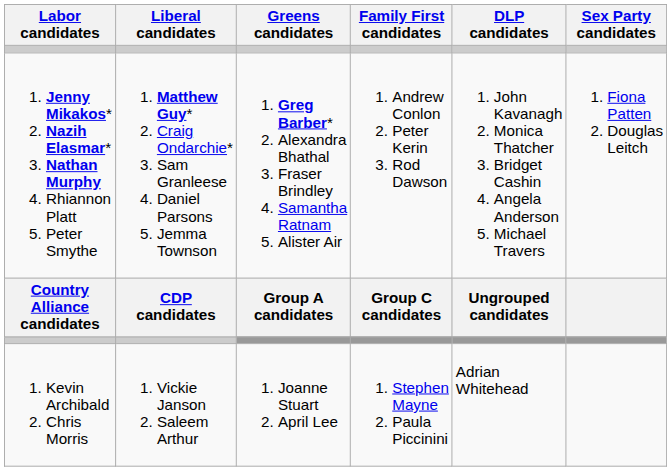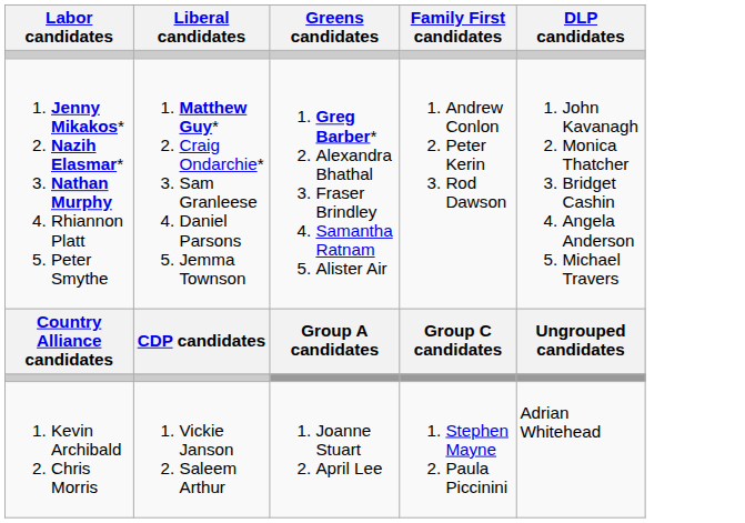 <table class="wikitable">
 <tr>
 <th><a href='#'>Labor</a> candidates</th>
 <th><a href='#'>Liberal</a> candidates</th>
 <th><a href='#'>Greens</a> candidates</th>
 <th><a href='#'>Family First</a> candidates</th>
 <th><a href='#'>DLP</a> candidates</th>
-<th><a href='#'>Sex Party</a> candidates</th>
 </tr>
 <tr bgcolor="#cccccc">
-<td></td>
 <td></td>
 <td></td>
 <td></td>
 <td></td>
 <td></td>
 </tr>
 <tr>
 <td><br><ol><li><strong><a href='#'>Jenny Mikakos</a></strong>*</li><li><strong><a href='#'>Nazih Elasmar</a></strong>*</li><li><strong><a href='#'>Nathan Murphy</a></strong></li><li>Rhiannon Platt</li><li>Peter Smythe</li></ol></td>
 <td><br><ol><li><strong><a href='#'>Matthew Guy</a></strong>*</li><li><a href='#'>Craig Ondarchie</a>*</li><li>Sam Granleese</li><li>Daniel Parsons</li><li>Jemma Townson</li></ol></td>
 <td><br><ol><li><strong><a href='#'>Greg Barber</a></strong>*</li><li>Alexandra Bhathal</li><li>Fraser Brindley</li><li><a href='#'>Samantha Ratnam</a></li><li>Alister Air</li></ol></td>
 <td valign=top><br><ol><li>Andrew Conlon</li><li>Peter Kerin</li><li>Rod Dawson</li></ol></td>
 <td valign=top><br><ol><li>John Kavanagh</li><li>Monica Thatcher</li><li>Bridget Cashin</li><li>Angela Anderson</li><li>Michael Travers</li></ol></td>
-<td valign=top><br><ol><li><a href='#'>Fiona Patten</a></li><li>Douglas Leitch</li></ol></td>
 </tr>
 <tr bgcolor="#cccccc">
 <th><a href='#'>Country Alliance</a> candidates</th>
 <th><a href='#'>CDP</a> candidates</th>
 <th>Group A candidates</th>
 <th>Group C candidates</th>
 <th>Ungrouped candidates</th>
-<th></th>
 </tr>
 <tr bgcolor="#cccccc">
 <td></td>
 <td></td>
-<td bgcolor="#999999"></td>
 <td bgcolor="#999999"></td>
 <td bgcolor="#999999"></td>
 <td bgcolor="#999999"></td>
 </tr>
 <tr>
 <td valign=top><br><ol><li>Kevin Archibald</li><li>Chris Morris</li></ol></td>
 <td valign=top><br><ol><li>Vickie Janson</li><li>Saleem Arthur</li></ol></td>
 <td valign=top><br><ol><li>Joanne Stuart</li><li>April Lee</li></ol></td>
 <td valign=top><br><ol><li><a href='#'>Stephen Mayne</a></li><li>Paula Piccinini</li></ol></td>
 <td valign=top><br>Adrian Whitehead</td>
-<td valign=top></td>
 </tr>
 </table>
